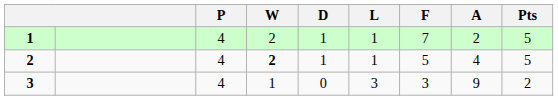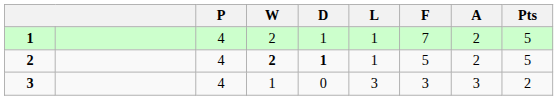 <table class="wikitable">
 <tr>
 <th colspan="2"></th>
 <th rowspan="1">P</th>
 <th rowspan="1">W</th>
 <th colspan="1">D</th>
 <th colspan="1">L</th>
 <th colspan="1">F</th>
 <th colspan="1">A</th>
 <th colspan="1">Pts</th>
 </tr>
 <tr style="background:#ccffcc;">
 <td style="text-align:center" width="50"><strong>1</strong></td>
 <td width="150"><strong></strong></td>
 <td style="text-align:center" width="50">4</td>
 <td style="text-align:center" width="50">2</td>
 <td style="text-align:center" width="50">1</td>
 <td style="text-align:center" width="50">1</td>
 <td style="text-align:center" width="50">7</td>
 <td style="text-align:center" width="50">2</td>
 <td style="text-align:center" width="50">5</td>
 </tr>
 <tr>
 <td style="text-align:center"><strong>2</strong></td>
 <td></td>
 <td style="text-align:center">4</td>
 <td style="text-align:center"><strong>2</strong></td>
-<td style="text-align:center">1</td>
+<td style="text-align:center"><strong>1</strong></td>
 <td style="text-align:center">1</td>
 <td style="text-align:center">5</td>
-<td style="text-align:center">4</td>
+<td style="text-align:center">2</td>
 <td style="text-align:center">5</td>
 </tr>
 <tr>
 <td style="text-align:center"><strong>3</strong></td>
 <td></td>
 <td style="text-align:center">4</td>
 <td style="text-align:center">1</td>
 <td style="text-align:center">0</td>
 <td style="text-align:center">3</td>
 <td style="text-align:center">3</td>
-<td style="text-align:center">9</td>
+<td style="text-align:center">3</td>
 <td style="text-align:center">2</td>
 </tr>
 </table>
